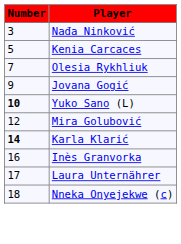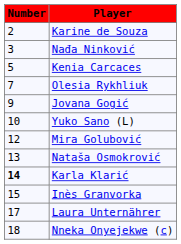 <table bgcolor="#f7f8ff" cellpadding="3" cellspacing="0" border="1" style="font-size: 95%; border: gray solid 1px; border-collapse: collapse;">
 <tr bgcolor="#ff0000">
 <td align=center><strong>Number</strong></td>
 <td align=center><strong>Player</strong></td>
+</tr>
+<tr align="left">
+<td>2</td>
+<td> <a href='#'>Karine de Souza</a></td>
 </tr>
 <tr align=left>
 <td>3</td>
 <td> <a href='#'>Nađa Ninković</a></td>
 </tr>
 <tr align="left">
 <td>5</td>
 <td> <a href='#'>Kenia Carcaces</a></td>
 </tr>
 <tr align="left">
 <td>7</td>
 <td> <a href='#'>Olesia Rykhliuk</a></td>
 </tr>
 <tr align="left">
 <td>9</td>
 <td> <a href='#'>Jovana Gogić</a></td>
 </tr>
 <tr align="left">
-<td><strong>10</strong></td>
+<td>10</td>
 <td> <a href='#'>Yuko Sano</a> (L)</td>
 </tr>
 <tr align="left">
 <td>12</td>
 <td> <a href='#'>Mira Golubović</a></td>
 </tr>
 <tr align="left">
+<td>13</td>
+<td> <a href='#'>Nataša Osmokrović</a></td>
+</tr>
+<tr align="left">
 <td><strong>14</strong></td>
 <td> <a href='#'>Karla Klarić</a></td>
 </tr>
 <tr align="left">
-<td>16</td>
+<td>15</td>
 <td> <a href='#'>Inès Granvorka</a></td>
 </tr>
 <tr align="left">
 <td>17</td>
 <td> <a href='#'>Laura Unternährer</a></td>
 </tr>
 <tr align="left">
 <td>18</td>
 <td> <a href='#'>Nneka Onyejekwe</a> (<a href='#'>c</a>)</td>
 </tr>
 </table>
